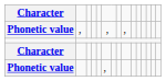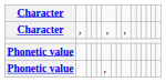 <table class="wikitable" style="text-align: center;">
 <tr>
 <th><a href='#'>Character</a></th>
 <td><big></big></td>
 <td><big></big></td>
 <td><big></big></td>
 <td><big></big></td>
 <td colspan="2"><big></big></td>
 <td><big></big></td>
 <td><big></big></td>
 <td><big></big></td>
 <td><big></big></td>
 <td><big></big></td>
 <td><big></big></td>
 <td><big></big></td>
 <td><big></big></td>
 </tr>
 <tr>
-<th><a href='#'>Phonetic value</a></th>
+<th><a href='#'>Character</a></th>
 <td>, </td>
 <td></td>
 <td></td>
 <td></td>
 <td colspan="2">, </td>
 <td></td>
 <td>, </td>
 <td></td>
 <td></td>
 <td></td>
 <td></td>
 <td></td>
 <td></td>
 </tr>
 <tr>
 <td></td>
 </tr>
 <tr>
-<th><a href='#'>Character</a></th>
+<th><a href='#'>Phonetic value</a></th>
 <td><big></big></td>
 <td><big></big></td>
 <td><big></big></td>
 <td><big></big></td>
 <td><big></big></td>
 <td><big></big></td>
 <td><big></big></td>
 <td><big></big></td>
 <td><big></big></td>
 <td><big></big><big></big></td>
 <td><big></big><big></big></td>
 <td><big></big></td>
 <td><big></big></td>
 <td><big></big></td>
 </tr>
 <tr>
 <th><a href='#'>Phonetic value</a></th>
 <td></td>
 <td></td>
 <td></td>
 <td></td>
 <td>, </td>
 <td></td>
 <td></td>
 <td></td>
 <td></td>
 <td></td>
 <td></td>
 <td></td>
 <td></td>
 <td></td>
 </tr>
 </table>
